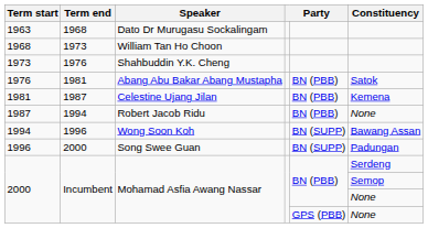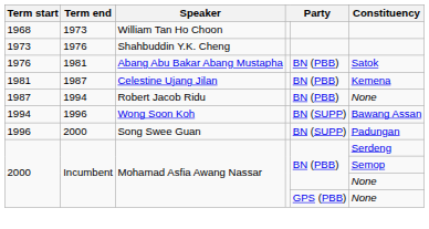 <table class=wikitable>
 <tr>
 <th>Term start</th>
 <th>Term end</th>
 <th>Speaker</th>
 <th colspan="2">Party</th>
 <th>Constituency</th>
-</tr>
-<tr>
-<td>1963</td>
-<td>1968</td>
-<td>Dato Dr Murugasu Sockalingam</td>
-<td></td>
-<td></td>
-<td></td>
 </tr>
 <tr>
 <td>1968</td>
 <td>1973</td>
 <td>William Tan Ho Choon</td>
 <td></td>
 <td></td>
 <td></td>
 </tr>
 <tr>
 <td>1973</td>
 <td>1976</td>
 <td>Shahbuddin Y.K. Cheng</td>
 <td></td>
 <td></td>
 <td></td>
 </tr>
 <tr>
 <td>1976</td>
 <td>1981</td>
 <td><a href='#'>Abang Abu Bakar Abang Mustapha</a></td>
 <td style="background:"></td>
 <td><a href='#'>BN</a> (<a href='#'>PBB</a>)</td>
 <td><a href='#'>Satok</a></td>
 </tr>
 <tr>
 <td>1981</td>
 <td>1987</td>
 <td><a href='#'>Celestine Ujang Jilan</a></td>
 <td style="background:"></td>
 <td><a href='#'>BN</a> (<a href='#'>PBB</a>)</td>
 <td><a href='#'>Kemena</a></td>
 </tr>
 <tr>
 <td>1987</td>
 <td>1994</td>
 <td>Robert Jacob Ridu</td>
 <td style="background:"></td>
 <td><a href='#'>BN</a> (<a href='#'>PBB</a>)</td>
 <td><em>None</em></td>
 </tr>
 <tr>
 <td>1994</td>
 <td>1996</td>
 <td><a href='#'>Wong Soon Koh</a></td>
 <td style="background:"></td>
 <td><a href='#'>BN</a> (<a href='#'>SUPP</a>)</td>
 <td><a href='#'>Bawang Assan</a></td>
 </tr>
 <tr>
 <td>1996</td>
 <td>2000</td>
 <td>Song Swee Guan</td>
 <td style="background:"></td>
 <td><a href='#'>BN</a> (<a href='#'>SUPP</a>)</td>
 <td><a href='#'>Padungan</a></td>
 </tr>
 <tr>
 <td rowspan="4">2000</td>
 <td rowspan="4">Incumbent</td>
 <td rowspan="4">Mohamad Asfia Awang Nassar</td>
 <td rowspan="4" style="background:"></td>
 <td rowspan="3"><a href='#'>BN</a> (<a href='#'>PBB</a>)</td>
 <td><a href='#'>Serdeng</a></td>
 </tr>
 <tr>
 <td><a href='#'>Semop</a></td>
 </tr>
 <tr>
 <td><em>None</em></td>
 </tr>
 <tr>
 <td><a href='#'>GPS</a> (<a href='#'>PBB</a>)</td>
 <td><em>None</em></td>
 </tr>
 </table>
